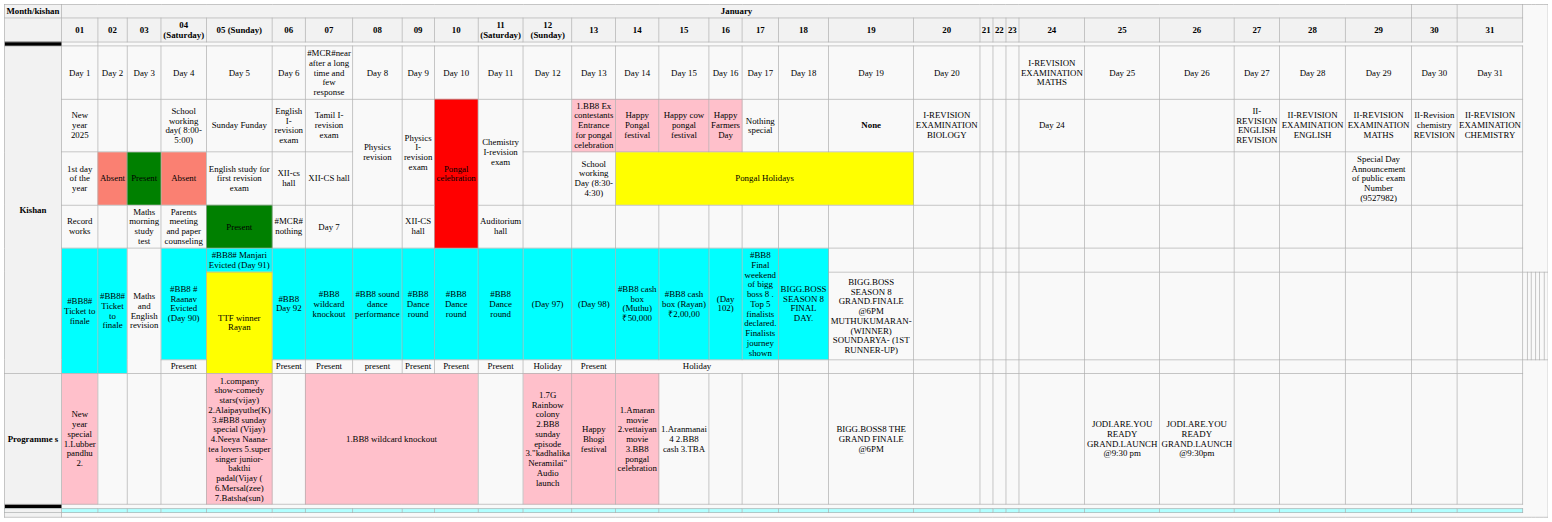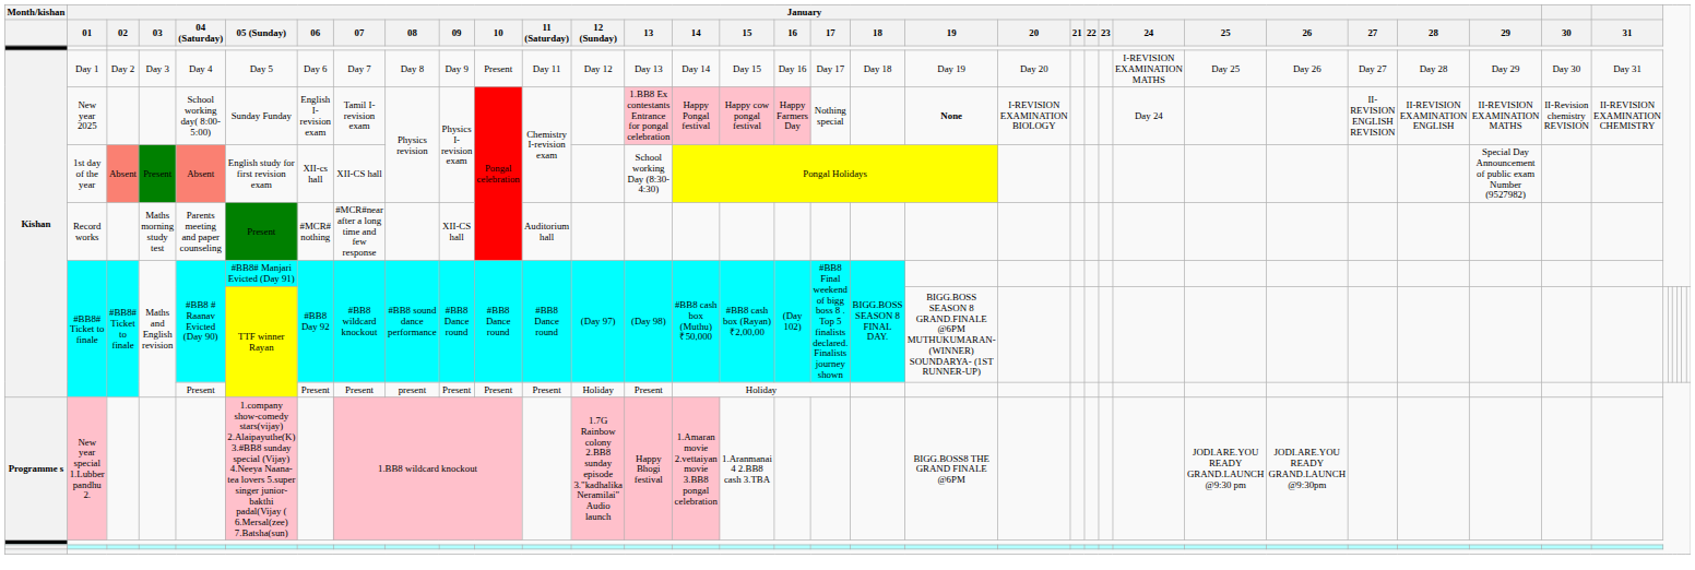 <table class="wikitable" style="text-align:center; width:100%; font-size:85%; line-height:15px;">
 <tr>
 <th>Month/kishan</th>
 <th colspan="29">January</th>
 <th></th>
 <th></th>
 </tr>
 <tr>
 <th style="width:5%;"></th>
 <th>01</th>
 <th>02</th>
 <th>03</th>
 <th>04 (Saturday)</th>
 <th>05 (Sunday)</th>
 <th>06</th>
 <th>07</th>
 <th>08</th>
 <th>09</th>
 <th>10</th>
 <th>11 (Saturday)</th>
 <th>12 (Sunday)</th>
 <th>13</th>
 <th>14</th>
 <th>15</th>
 <th>16</th>
 <th>17</th>
 <th>18</th>
 <th>19</th>
 <th>20</th>
 <th>21</th>
 <th>22</th>
 <th>23</th>
 <th>24</th>
 <th>25</th>
 <th>26</th>
 <th>27</th>
 <th>28</th>
 <th>29</th>
 <th>30</th>
 <th>31</th>
 </tr>
 <tr>
 <td bgcolor="black"></td>
 <td></td>
 </tr>
 <tr>
 <th rowspan="7">Kishan</th>
 <td>Day 1</td>
 <td>Day 2</td>
 <td>Day 3</td>
 <td>Day 4</td>
 <td>Day 5</td>
 <td>Day 6</td>
-<td>#MCR#near after a long time and few response</td>
+<td>Day 7</td>
 <td>Day 8</td>
 <td>Day 9</td>
-<td>Day 10</td>
+<td>Present</td>
 <td>Day 11</td>
 <td>Day 12</td>
 <td>Day 13</td>
 <td>Day 14</td>
 <td>Day 15</td>
 <td>Day 16</td>
 <td>Day 17</td>
 <td>Day 18</td>
 <td>Day 19</td>
 <td>Day 20</td>
 <td></td>
 <td></td>
 <td></td>
 <td>I-REVISION EXAMINATION MATHS</td>
 <td>Day 25</td>
 <td>Day 26</td>
 <td>Day 27</td>
 <td>Day 28</td>
 <td>Day 29</td>
 <td>Day 30</td>
 <td>Day 31</td>
 </tr>
 <tr>
 <td>New year 2025</td>
 <td></td>
 <td></td>
 <td>School working day( 8:00-5:00)</td>
 <td>Sunday Funday</td>
 <td>English I-revision exam</td>
 <td>Tamil     I-revision exam</td>
 <td rowspan="2">Physics revision</td>
 <td rowspan="2">Physics I-revision exam</td>
 <td rowspan="3" style="background:red;">Pongal celebration</td>
 <td rowspan="2">Chemistry I-revision exam</td>
 <td></td>
 <td style="background:pink;">1.BB8 Ex contestants Entrance for pongal celebration</td>
 <td style="background:pink;">Happy Pongal festival</td>
 <td style="background:pink;">Happy cow pongal festival</td>
 <td style="background:pink;">Happy Farmers Day</td>
 <td>Nothing special</td>
 <td></td>
 <td><strong>None</strong></td>
 <td>I-REVISION EXAMINATION BIOLOGY</td>
 <td></td>
 <td></td>
 <td></td>
 <td>Day 24</td>
 <td></td>
 <td></td>
 <td>II-REVISION ENGLISH REVISION</td>
 <td>II-REVISION EXAMINATION ENGLISH</td>
 <td>II-REVISION EXAMINATION MATHS</td>
 <td>II-Revision chemistry REVISION</td>
 <td>II-REVISION EXAMINATION CHEMISTRY</td>
 </tr>
 <tr>
 <td>1st day of the year</td>
 <td style="background:#FA8072;">Absent</td>
 <td style="background:green;">Present</td>
 <td style="background:#FA8072;">Absent</td>
 <td>English study for first revision exam</td>
 <td>XII-cs hall</td>
 <td>XII-CS hall</td>
 <td></td>
 <td>School working Day (8:30-4:30)</td>
 <td colspan="6" style="background:yellow;">Pongal Holidays</td>
 <td></td>
 <td></td>
 <td></td>
 <td></td>
 <td></td>
 <td></td>
 <td></td>
 <td></td>
 <td></td>
 <td>Special Day Announcement of public exam Number     (9527982)</td>
 <td></td>
 <td></td>
 </tr>
 <tr>
 <td>Record works</td>
 <td></td>
 <td>Maths morning study test</td>
 <td>Parents meeting and paper counseling</td>
 <td style="background:green;">Present</td>
 <td>#MCR# nothing</td>
-<td>Day 7</td>
+<td>#MCR#near after a long time and few response</td>
 <td></td>
 <td>XII-CS hall</td>
 <td>Auditorium hall</td>
 <td></td>
 <td></td>
 <td></td>
 <td></td>
 <td></td>
 <td></td>
 <td></td>
 <td></td>
 <td></td>
 <td></td>
 <td></td>
 <td></td>
 <td></td>
 <td></td>
 <td></td>
 <td></td>
 <td></td>
 <td></td>
 <td></td>
 <td></td>
 </tr>
 <tr>
 <td rowspan="3" style="background:cyan; ">#BB8# Ticket to finale</td>
 <td rowspan="3" style="background:cyan; ">#BB8# Ticket to finale</td>
 <td rowspan="3">Maths and English revision</td>
 <td rowspan="2" style="background:cyan; ">#BB8 #  Raanav Evicted (Day 90)</td>
 <td style="background:cyan; ">#BB8# Manjari Evicted (Day 91)</td>
 <td rowspan="2" style="background:cyan; ">#BB8 Day 92</td>
 <td rowspan="2" style="background:cyan; ">#BB8 wildcard knockout</td>
 <td rowspan="2" style="background:cyan; ">#BB8 sound dance performance</td>
 <td rowspan="2" style="background:cyan; ">#BB8 Dance round</td>
 <td rowspan="2" style="background:cyan; ">#BB8 Dance round</td>
 <td rowspan="2" style="background:cyan; ">#BB8 Dance round</td>
 <td rowspan="2" style="background:cyan; "> (Day 97)</td>
 <td rowspan="2" style="background:cyan; "> (Day 98)</td>
 <td rowspan="2" style="background:cyan; ">#BB8  cash box (Muthu) ₹50,000</td>
 <td rowspan="2" style="background:cyan; ">#BB8 cash box (Rayan) ₹2,00,00</td>
 <td rowspan="2" style="background:cyan; "> (Day 102)</td>
 <td rowspan="2" style="background:cyan; ">#BB8 Final weekend of bigg boss 8 .    Top 5 finalists declared. Finalists journey shown</td>
 <td rowspan="2" style="background:cyan; ">BIGG.BOSS SEASON 8 FINAL DAY.</td>
 <td></td>
 <td></td>
 <td></td>
 <td></td>
 <td></td>
 <td></td>
 <td></td>
 <td></td>
 <td></td>
 <td></td>
 <td></td>
 <td></td>
 <td></td>
 </tr>
 <tr>
 <td rowspan="2" style="background:yellow;">TTF winner Rayan</td>
 <td>BIGG.BOSS SEASON 8 GRAND.FINALE @6PM               MUTHUKUMARAN-(WINNER)      SOUNDARYA-    (1ST RUNNER-UP)</td>
 <td></td>
 <td></td>
 <td></td>
 <td></td>
 <td></td>
 <td></td>
 <td></td>
 <td></td>
 <td></td>
 <td></td>
 <td></td>
 <td></td>
 <td></td>
 <td></td>
 <td></td>
 <td></td>
 <td></td>
 <td></td>
 </tr>
 <tr>
 <td>Present</td>
 <td>Present</td>
 <td>Present</td>
 <td>present</td>
 <td>Present</td>
 <td>Present</td>
 <td>Present</td>
 <td>Holiday</td>
 <td>Present</td>
 <td colspan="4">Holiday</td>
 <td></td>
 <td></td>
 <td></td>
 <td></td>
 <td></td>
 <td></td>
 <td></td>
 <td></td>
 <td></td>
 <td></td>
 <td></td>
 <td></td>
 <td></td>
 <td></td>
 </tr>
 <tr>
 <th>Programme s</th>
 <td style="background:pink;">New year special 1.Lubber pandhu 2.</td>
 <td></td>
 <td></td>
 <td></td>
 <td style="background:pink;">1.company show-comedy stars(vijay) 2.Alaipayuthe(K) 3.#BB8 sunday special (Vijay)   4.Neeya Naana-tea lovers    5.super singer junior-bakthi padal(Vijay ( 6.Mersal(zee) 7.Batsha(sun)</td>
 <td></td>
 <td colspan="4" style="background:pink; ">1.BB8 wildcard knockout</td>
 <td></td>
 <td style="background:pink;">1.7G Rainbow colony  2.BB8 sunday episode 3."kadhalika Neramilai" Audio launch</td>
 <td style="background:pink;">Happy Bhogi festival</td>
 <td style="background:pink;">1.Amaran movie 2.vettaiyan movie       3.BB8 pongal celebration</td>
 <td>1.Aranmanai 4             2.BB8 cash    3.TBA</td>
 <td></td>
 <td></td>
 <td></td>
 <td>BIGG.BOSS8 THE GRAND FINALE @6PM</td>
 <td></td>
 <td></td>
 <td></td>
 <td></td>
 <td></td>
 <td>JODI.ARE.YOU READY  GRAND.LAUNCH @9:30 pm</td>
 <td>JODI.ARE.YOU READY GRAND.LAUNCH @9:30pm</td>
 <td></td>
 <td></td>
 <td></td>
 <td></td>
 <td></td>
 </tr>
 <tr>
 <td bgcolor="black"></td>
 </tr>
 <tr style="background:#B2FFFF;" |>
 <th></th>
 <td></td>
 <td></td>
 <td></td>
 <td></td>
 <td></td>
 <td></td>
 <td></td>
 <td></td>
 <td></td>
 <td></td>
 <td></td>
 <td></td>
 <td></td>
 <td></td>
 <td></td>
 <td></td>
 <td></td>
 <td></td>
 <td></td>
 <td></td>
 <td></td>
 <td></td>
 <td></td>
 <td></td>
 <td></td>
 <td></td>
 <td></td>
 <td></td>
 <td></td>
 <td></td>
 <td></td>
 </tr>
 <tr>
 <th rowspan="3"></th>
 </tr>
 <tr>
 </tr>
 <tr>
 </tr>
 </table>
